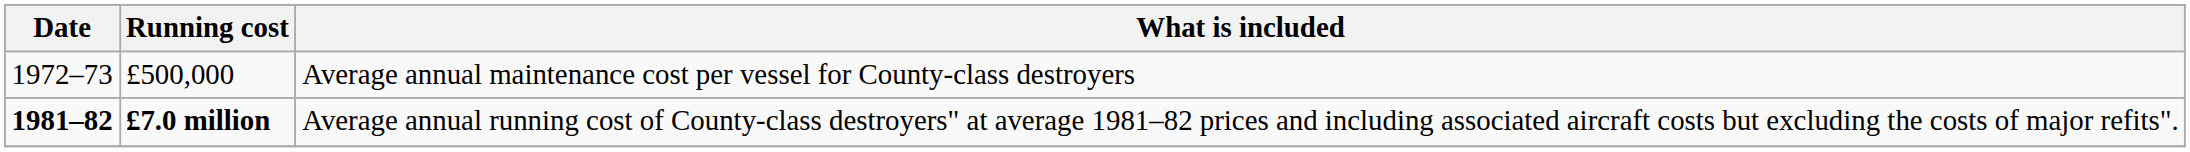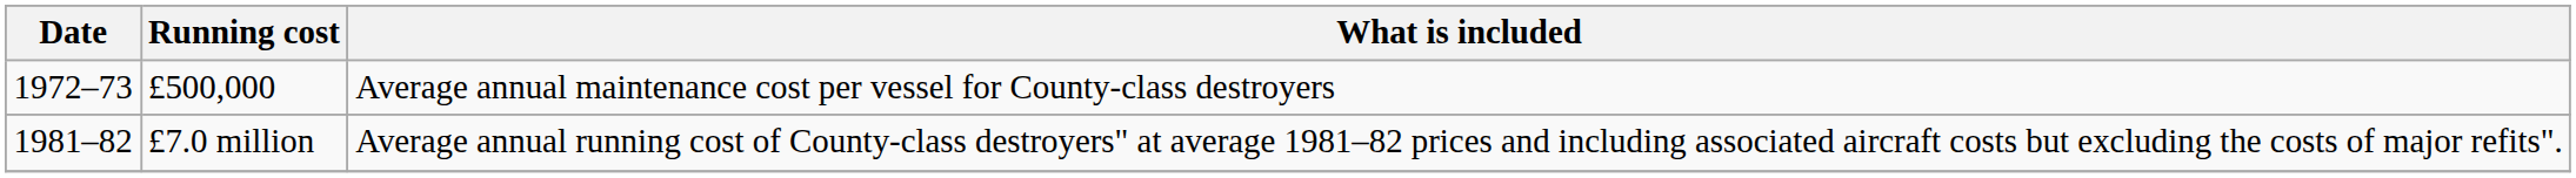 <table class="wikitable" style="font-size:97%;">
 <tr valign=top>
 <th>Date</th>
 <th>Running cost</th>
 <th>What is included</th>
 </tr>
 <tr valign=top>
 <td>1972–73</td>
 <td>£500,000</td>
 <td>Average annual maintenance cost per vessel for County-class destroyers</td>
 </tr>
 <tr valign=top>
-<td><strong>1981–82</strong></td>
-<td><strong>£7.0 million</strong></td>
+<td>1981–82</td>
+<td>£7.0 million</td>
 <td>Average annual running cost of County-class destroyers" at average 1981–82 prices and including associated aircraft costs but excluding the costs of major refits".</td>
 </tr>
 <tr>
 </tr>
 </table>
